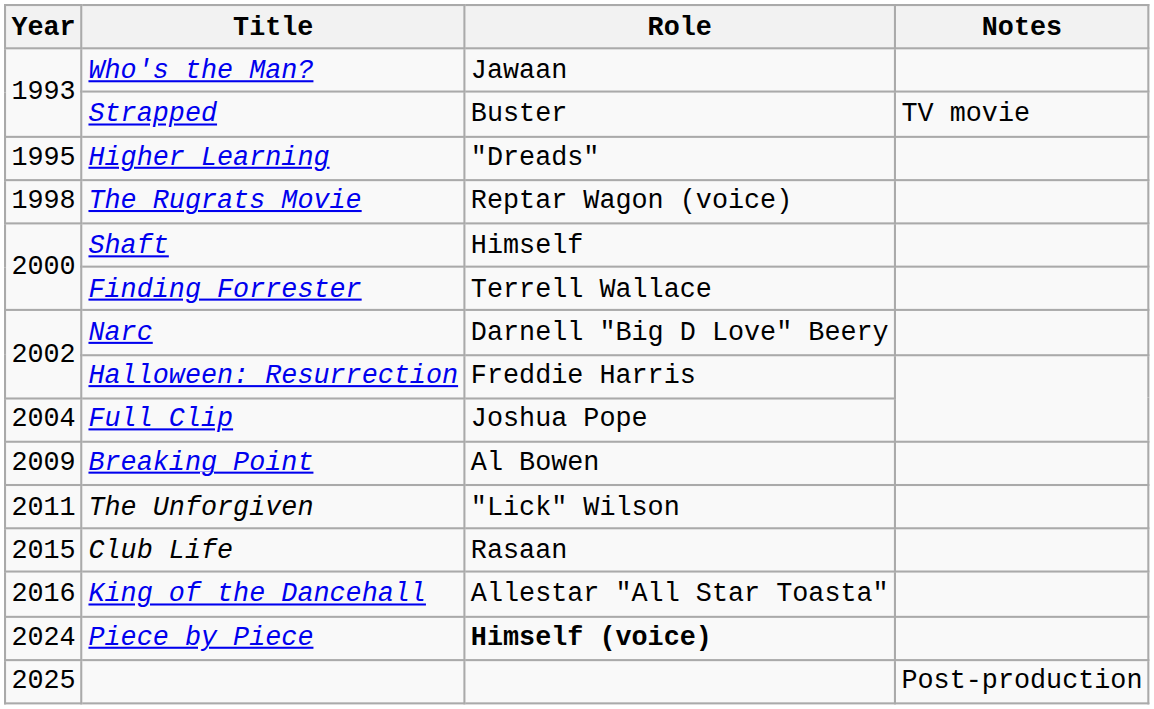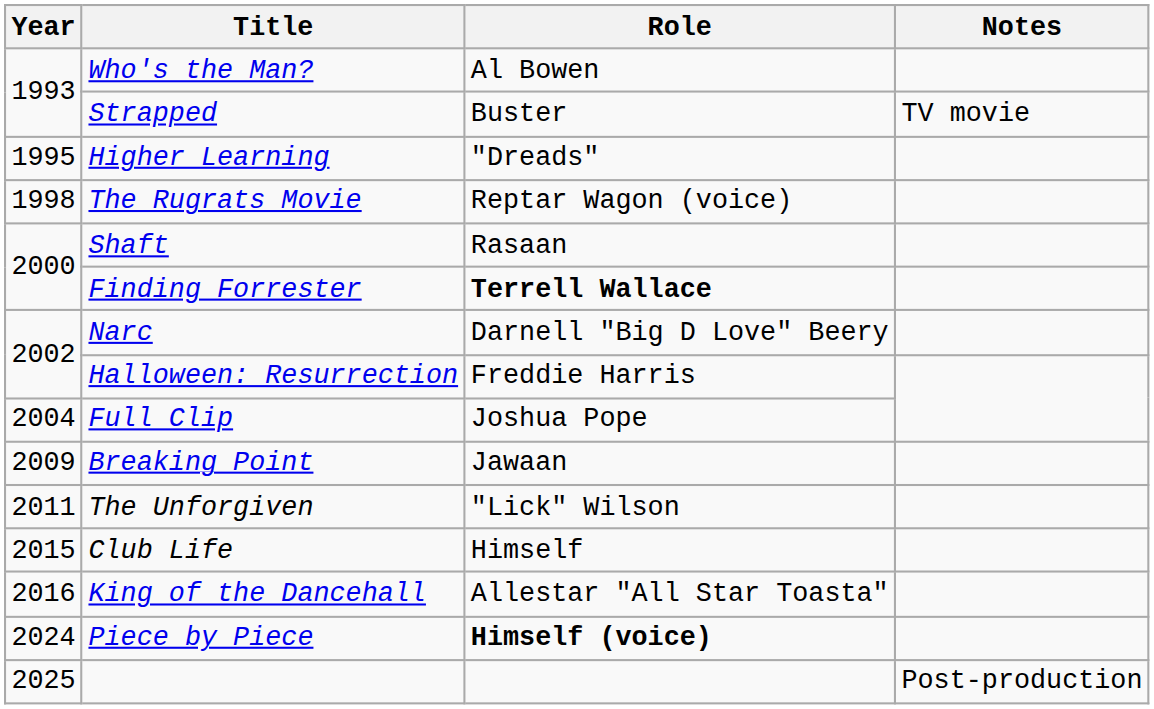 <table class="wikitable sortable">
 <tr>
 <th>Year</th>
 <th>Title</th>
 <th>Role</th>
 <th>Notes</th>
 </tr>
 <tr>
 <td rowspan=2>1993</td>
 <td><em><a href='#'>Who's the Man?</a></em></td>
-<td>Jawaan</td>
+<td>Al Bowen</td>
 <td></td>
 </tr>
 <tr>
 <td><em><a href='#'>Strapped</a></em></td>
 <td>Buster</td>
 <td>TV movie</td>
 </tr>
 <tr>
 <td>1995</td>
 <td><em><a href='#'>Higher Learning</a></em></td>
 <td>"Dreads"</td>
 <td></td>
 </tr>
 <tr>
 <td>1998</td>
 <td><em><a href='#'>The Rugrats Movie</a></em></td>
 <td>Reptar Wagon (voice)</td>
 <td></td>
 </tr>
 <tr>
 <td rowspan=2>2000</td>
 <td><em><a href='#'>Shaft</a></em></td>
-<td>Himself</td>
+<td>Rasaan</td>
 <td></td>
 </tr>
 <tr>
 <td><em><a href='#'>Finding Forrester</a></em></td>
-<td>Terrell Wallace</td>
+<td><strong>Terrell Wallace</strong></td>
 <td></td>
 </tr>
 <tr>
 <td rowspan=2>2002</td>
 <td><em><a href='#'>Narc</a></em></td>
 <td>Darnell "Big D Love" Beery</td>
 <td></td>
 </tr>
 <tr>
 <td><em><a href='#'>Halloween: Resurrection</a></em></td>
 <td>Freddie Harris</td>
 </tr>
 <tr>
 <td>2004</td>
 <td><em><a href='#'>Full Clip</a></em></td>
 <td>Joshua Pope</td>
 </tr>
 <tr>
 <td>2009</td>
 <td><em><a href='#'>Breaking Point</a></em></td>
-<td>Al Bowen</td>
+<td>Jawaan</td>
 <td></td>
 </tr>
 <tr>
 <td>2011</td>
 <td><em>The Unforgiven</em></td>
 <td>"Lick" Wilson</td>
 <td></td>
 </tr>
 <tr>
 <td>2015</td>
 <td><em>Club Life</em></td>
-<td>Rasaan</td>
+<td>Himself</td>
 <td></td>
 </tr>
 <tr>
 <td>2016</td>
 <td><em><a href='#'>King of the Dancehall</a></em></td>
 <td>Allestar "All Star Toasta"</td>
 <td></td>
 </tr>
 <tr>
 <td>2024</td>
 <td><em><a href='#'>Piece by Piece</a></em></td>
 <td><strong>Himself (voice)</strong></td>
 <td></td>
 </tr>
 <tr>
 <td>2025</td>
 <td></td>
 <td></td>
 <td>Post-production</td>
 </tr>
 </table>
